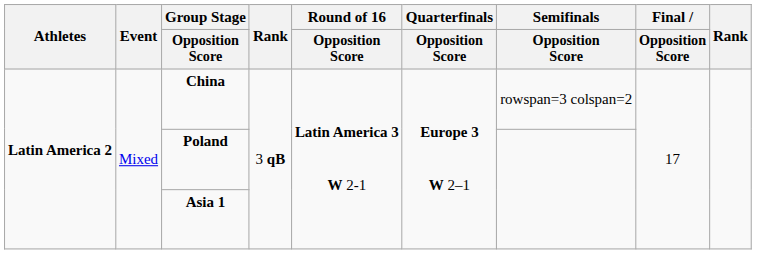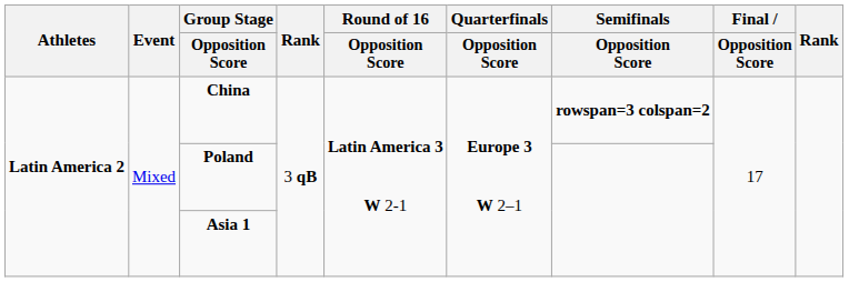 <table class=wikitable style="font-size:90%">
 <tr>
 <th rowspan="2">Athletes</th>
 <th rowspan="2">Event</th>
 <th>Group Stage</th>
 <th rowspan="2">Rank</th>
 <th>Round of 16</th>
 <th>Quarterfinals</th>
 <th>Semifinals</th>
 <th>Final / </th>
 <th rowspan=2>Rank</th>
 </tr>
 <tr style="font-size:95%">
 <th>Opposition<br>Score</th>
 <th>Opposition<br>Score</th>
 <th>Opposition<br>Score</th>
 <th>Opposition<br>Score</th>
 <th>Opposition<br>Score</th>
 </tr>
 <tr align=center>
 <td align=left rowspan=3><strong>Latin America 2</strong><br><br></td>
 <td align=left rowspan=3><a href='#'>Mixed</a></td>
 <td><strong>China</strong><br><br><br></td>
 <td rowspan=3>3 <strong>qB</strong></td>
 <td rowspan=3><strong>Latin America 3</strong><br><br><br><strong>W</strong> 2-1</td>
 <td rowspan=3><strong>Europe 3</strong><br><br><br><strong>W</strong> 2–1</td>
-<td>rowspan=3 colspan=2</td>
+<td><strong>rowspan=3 colspan=2</strong></td>
 <td rowspan=3>17</td>
 </tr>
 <tr align=center>
 <td><strong>Poland</strong><br><br><br></td>
 </tr>
 <tr align=center>
 <td><strong>Asia 1</strong><br><br><br></td>
 </tr>
 </table>
